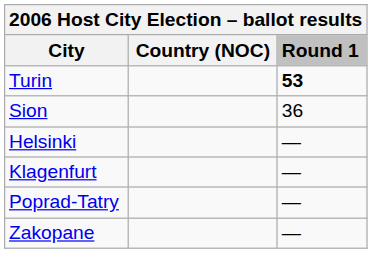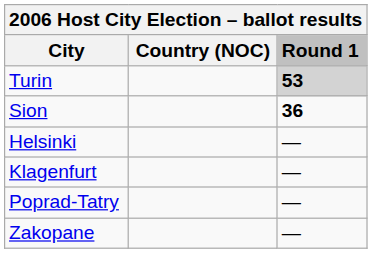 <table class=wikitable>
 <tr>
 <th colspan=6>2006 Host City Election – ballot results</th>
 </tr>
 <tr>
 <th>City</th>
 <th>Country (NOC)</th>
 <td style="background:silver;"><strong>Round 1</strong></td>
 </tr>
 <tr>
 <td><a href='#'>Turin</a></td>
 <td></td>
-<td><strong>53</strong></td>
+<td style="background: lightgrey;"><strong>53</strong></td>
 </tr>
 <tr>
 <td><a href='#'>Sion</a></td>
 <td></td>
-<td>36</td>
+<td><strong>36</strong></td>
 </tr>
 <tr>
 <td><a href='#'>Helsinki</a></td>
 <td></td>
 <td>—</td>
 </tr>
 <tr>
 <td><a href='#'>Klagenfurt</a></td>
 <td></td>
 <td>—</td>
 </tr>
 <tr>
 <td><a href='#'>Poprad-Tatry</a></td>
 <td></td>
 <td>—</td>
 </tr>
 <tr>
 <td><a href='#'>Zakopane</a></td>
 <td></td>
 <td>—</td>
 </tr>
 </table>
